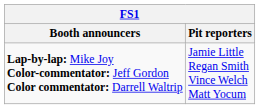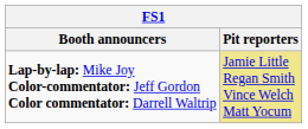 <table class="wikitable" style="font-size: 95%;">
 <tr>
 <th colspan="2"><a href='#'>FS1</a></th>
 </tr>
 <tr>
 <th>Booth announcers</th>
 <th>Pit reporters</th>
 </tr>
 <tr>
 <td><strong>Lap-by-lap:</strong> <a href='#'>Mike Joy</a><br><strong>Color-commentator:</strong> <a href='#'>Jeff Gordon</a><br><strong>Color commentator:</strong> <a href='#'>Darrell Waltrip</a></td>
-<td><a href='#'>Jamie Little</a><br><a href='#'>Regan Smith</a><br><a href='#'>Vince Welch</a><br><a href='#'>Matt Yocum</a></td>
+<td style="background: khaki;"><a href='#'>Jamie Little</a><br><a href='#'>Regan Smith</a><br><a href='#'>Vince Welch</a><br><a href='#'>Matt Yocum</a></td>
 </tr>
 </table>
